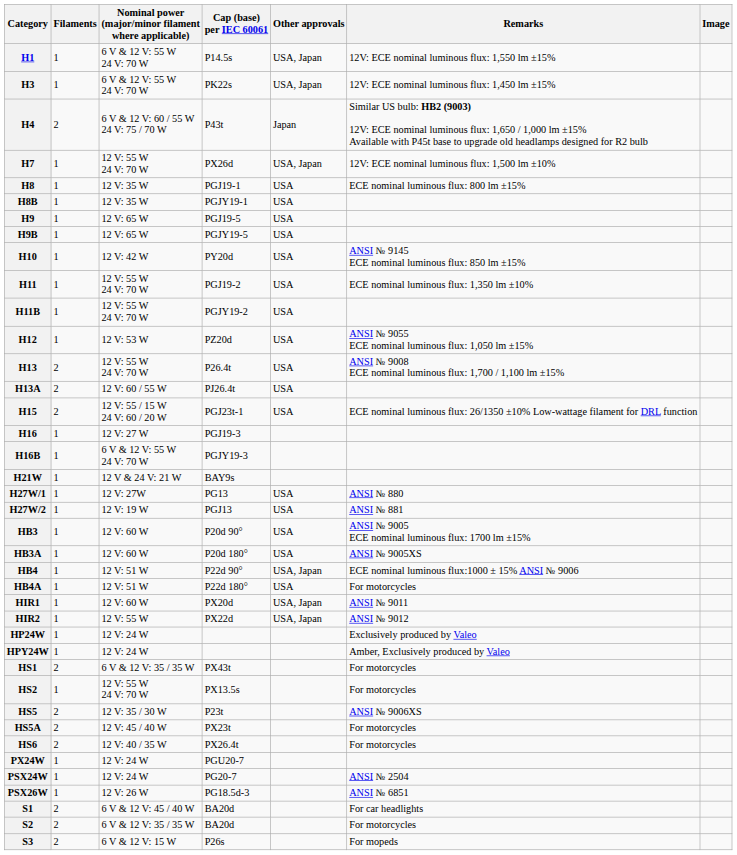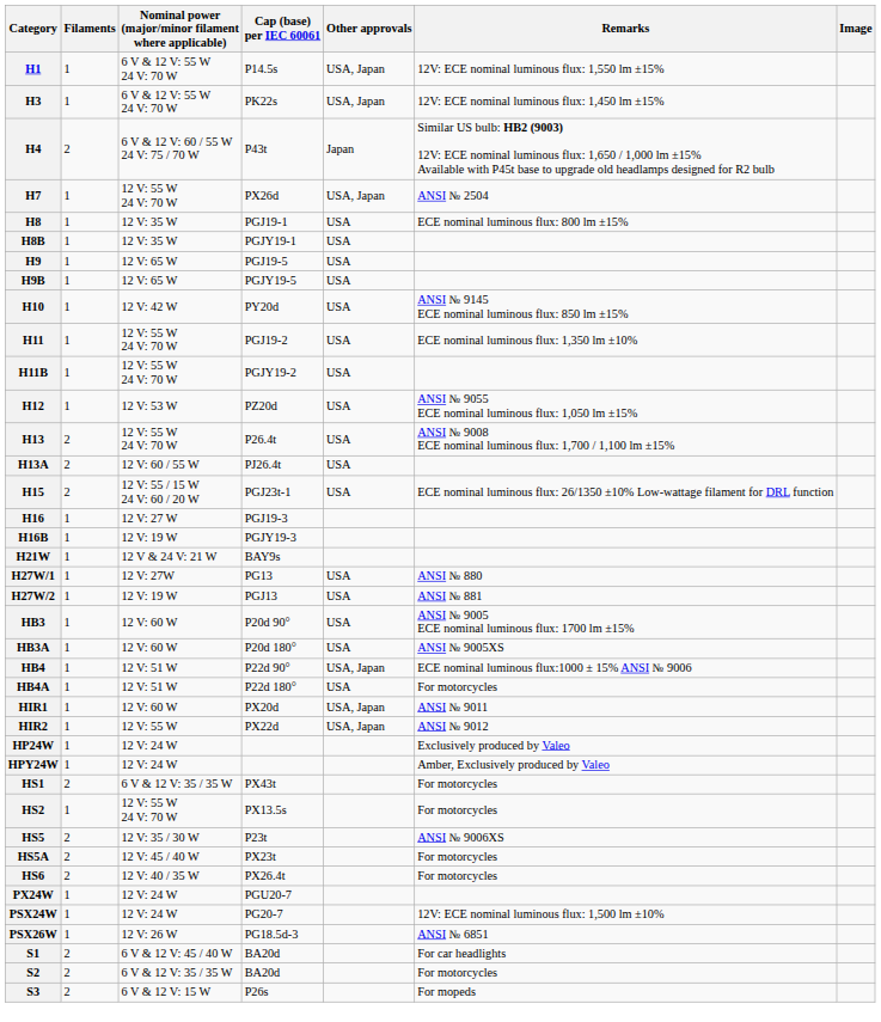 <table class="wikitable">
 <tr>
 <th>Category</th>
 <th>Filaments</th>
 <th>Nominal power<br>(major/minor filament<br>where applicable)</th>
 <th>Cap (base)<br>per <a href='#'>IEC 60061</a></th>
 <th>Other approvals</th>
 <th>Remarks</th>
 <th>Image</th>
 </tr>
 <tr>
 <th><a href='#'>H1</a></th>
 <td>1</td>
 <td>6 V & 12 V: 55 W<br>24 V: 70 W</td>
 <td>P14.5s</td>
 <td>USA, Japan</td>
 <td>12V: ECE nominal luminous flux: 1,550 lm ±15%</td>
 <td></td>
 </tr>
 <tr>
 <th>H3</th>
 <td>1</td>
 <td>6 V & 12 V: 55 W<br>24 V: 70 W</td>
 <td>PK22s</td>
 <td>USA, Japan</td>
 <td>12V: ECE nominal luminous flux: 1,450 lm ±15%</td>
 <td></td>
 </tr>
 <tr>
 <th>H4</th>
 <td>2</td>
 <td>6 V & 12 V: 60 / 55 W<br>24 V: 75 / 70 W</td>
 <td>P43t</td>
 <td>Japan</td>
 <td>Similar US bulb: <strong>HB2 (9003)</strong><br><br>12V: ECE nominal luminous flux: 1,650 / 1,000 lm ±15%<br> Available with P45t base to upgrade old headlamps designed for R2 bulb</td>
 <td></td>
 </tr>
 <tr>
 <th>H7</th>
 <td>1</td>
 <td>12 V: 55 W<br>24 V: 70 W</td>
 <td>PX26d</td>
 <td>USA, Japan</td>
-<td>12V: ECE nominal luminous flux: 1,500 lm ±10%</td>
+<td><a href='#'>ANSI</a> № 2504</td>
 <td></td>
 </tr>
 <tr>
 <th>H8</th>
 <td>1</td>
 <td>12 V: 35 W</td>
 <td>PGJ19-1</td>
 <td>USA</td>
 <td>ECE nominal luminous flux: 800 lm ±15%</td>
 <td></td>
 </tr>
 <tr>
 <th>H8B</th>
 <td>1</td>
 <td>12 V: 35 W</td>
 <td>PGJY19-1</td>
 <td>USA</td>
 <td></td>
 <td></td>
 </tr>
 <tr>
 <th>H9</th>
 <td>1</td>
 <td>12 V: 65 W</td>
 <td>PGJ19-5</td>
 <td>USA</td>
 <td></td>
 <td></td>
 </tr>
 <tr>
 <th>H9B</th>
 <td>1</td>
 <td>12 V: 65 W</td>
 <td>PGJY19-5</td>
 <td>USA</td>
 <td></td>
 <td></td>
 </tr>
 <tr>
 <th>H10</th>
 <td>1</td>
 <td>12 V: 42 W</td>
 <td>PY20d</td>
 <td>USA</td>
 <td><a href='#'>ANSI</a> №  9145<br>ECE nominal luminous flux: 850 lm ±15%</td>
 <td></td>
 </tr>
 <tr>
 <th>H11</th>
 <td>1</td>
 <td>12 V: 55 W<br>24 V: 70 W</td>
 <td>PGJ19-2</td>
 <td>USA</td>
 <td>ECE nominal luminous flux: 1,350 lm ±10%</td>
 <td></td>
 </tr>
 <tr>
 <th>H11B</th>
 <td>1</td>
 <td>12 V: 55 W<br>24 V: 70 W</td>
 <td>PGJY19-2</td>
 <td>USA</td>
 <td></td>
 <td></td>
 </tr>
 <tr>
 <th>H12</th>
 <td>1</td>
 <td>12 V: 53 W</td>
 <td>PZ20d</td>
 <td>USA</td>
 <td><a href='#'>ANSI</a> №  9055<br>ECE nominal luminous flux: 1,050 lm ±15%</td>
 <td></td>
 </tr>
 <tr>
 <th>H13</th>
 <td>2</td>
 <td>12 V: 55 W<br>24 V: 70 W</td>
 <td>P26.4t</td>
 <td>USA</td>
 <td><a href='#'>ANSI</a> №  9008<br>ECE nominal luminous flux: 1,700 / 1,100 lm ±15%</td>
 <td></td>
 </tr>
 <tr>
 <th>H13A</th>
 <td>2</td>
 <td>12 V: 60 / 55 W</td>
 <td>PJ26.4t</td>
 <td>USA</td>
 <td></td>
 <td></td>
 </tr>
 <tr>
 <th>H15</th>
 <td>2</td>
 <td>12 V: 55 / 15 W<br>24 V: 60 / 20 W</td>
 <td>PGJ23t-1</td>
 <td>USA</td>
 <td>ECE nominal luminous flux: 26/1350 ±10% Low-wattage filament for <a href='#'>DRL</a> function</td>
 <td></td>
 </tr>
 <tr>
 <th>H16</th>
 <td>1</td>
 <td>12 V: 27 W</td>
 <td>PGJ19-3</td>
 <td></td>
 <td></td>
 <td></td>
 </tr>
 <tr>
 <th>H16B</th>
 <td>1</td>
-<td>6 V & 12 V: 55 W<br>24 V: 70 W</td>
+<td>12 V: 19 W</td>
 <td>PGJY19-3</td>
 <td></td>
 <td></td>
 <td></td>
 </tr>
 <tr>
 <th>H21W</th>
 <td>1</td>
 <td>12 V & 24 V: 21 W</td>
 <td>BAY9s</td>
 <td></td>
 <td></td>
 <td></td>
 </tr>
 <tr>
 <th>H27W/1</th>
 <td>1</td>
 <td>12 V: 27W</td>
 <td>PG13</td>
 <td>USA</td>
 <td><a href='#'>ANSI</a> № 880</td>
 <td></td>
 </tr>
 <tr>
 <th>H27W/2</th>
 <td>1</td>
 <td>12 V: 19 W</td>
 <td>PGJ13</td>
 <td>USA</td>
 <td><a href='#'>ANSI</a> № 881</td>
 <td></td>
 </tr>
 <tr>
 <th>HB3</th>
 <td>1</td>
 <td>12 V: 60 W</td>
 <td>P20d 90°</td>
 <td>USA</td>
 <td><a href='#'>ANSI</a> № 9005<br>ECE nominal luminous flux: 1700 lm ±15%</td>
 <td></td>
 </tr>
 <tr>
 <th>HB3A</th>
 <td>1</td>
 <td>12 V: 60 W</td>
 <td>P20d 180°</td>
 <td>USA</td>
 <td><a href='#'>ANSI</a> № 9005XS</td>
 <td></td>
 </tr>
 <tr>
 <th>HB4</th>
 <td>1</td>
 <td>12 V: 51 W</td>
 <td>P22d 90°</td>
 <td>USA, Japan</td>
 <td>ECE nominal luminous flux:1000 ± 15% <a href='#'>ANSI</a> №  9006</td>
 <td></td>
 </tr>
 <tr>
 <th>HB4A</th>
 <td>1</td>
 <td>12 V: 51 W</td>
 <td>P22d 180°</td>
 <td>USA</td>
 <td>For motorcycles</td>
 <td></td>
 </tr>
 <tr>
 <th>HIR1</th>
 <td>1</td>
 <td>12 V: 60 W</td>
 <td>PX20d</td>
 <td>USA, Japan</td>
 <td><a href='#'>ANSI</a> №  9011</td>
 <td></td>
 </tr>
 <tr>
 <th>HIR2</th>
 <td>1</td>
 <td>12 V: 55 W</td>
 <td>PX22d</td>
 <td>USA, Japan</td>
 <td><a href='#'>ANSI</a> №  9012</td>
 <td></td>
 </tr>
 <tr>
 <th>HP24W</th>
 <td>1</td>
 <td>12 V: 24 W</td>
 <td></td>
 <td></td>
 <td>Exclusively produced by <a href='#'>Valeo</a></td>
 <td></td>
 </tr>
 <tr>
 <th>HPY24W</th>
 <td>1</td>
 <td>12 V: 24 W</td>
 <td></td>
 <td></td>
 <td>Amber, Exclusively produced by <a href='#'>Valeo</a></td>
 <td></td>
 </tr>
 <tr>
 <th>HS1</th>
 <td>2</td>
 <td>6 V & 12 V: 35 / 35 W</td>
 <td>PX43t</td>
 <td></td>
 <td>For motorcycles</td>
 <td></td>
 </tr>
 <tr>
 <th>HS2</th>
 <td>1</td>
 <td>12 V: 55 W<br>24 V: 70 W</td>
 <td>PX13.5s</td>
 <td></td>
 <td>For motorcycles</td>
 <td></td>
 </tr>
 <tr>
 <th>HS5</th>
 <td>2</td>
 <td>12 V: 35 / 30 W</td>
 <td>P23t</td>
 <td></td>
 <td><a href='#'>ANSI</a> №  9006XS</td>
 <td></td>
 </tr>
 <tr>
 <th>HS5A</th>
 <td>2</td>
 <td>12 V: 45 / 40 W</td>
 <td>PX23t</td>
 <td></td>
 <td>For motorcycles</td>
 <td></td>
 </tr>
 <tr>
 <th>HS6</th>
 <td>2</td>
 <td>12 V: 40 / 35 W</td>
 <td>PX26.4t</td>
 <td></td>
 <td>For motorcycles</td>
 <td></td>
 </tr>
 <tr>
 <th>PX24W</th>
 <td>1</td>
 <td>12 V: 24 W</td>
 <td>PGU20-7</td>
 <td></td>
 <td></td>
 <td></td>
 </tr>
 <tr>
 <th>PSX24W</th>
 <td>1</td>
 <td>12 V: 24 W</td>
 <td>PG20-7</td>
 <td></td>
-<td><a href='#'>ANSI</a> № 2504</td>
+<td>12V: ECE nominal luminous flux: 1,500 lm ±10%</td>
 <td></td>
 </tr>
 <tr>
 <th>PSX26W</th>
 <td>1</td>
 <td>12 V: 26 W</td>
 <td>PG18.5d-3</td>
 <td></td>
 <td><a href='#'>ANSI</a> № 6851</td>
 <td></td>
 </tr>
 <tr>
 <th>S1</th>
 <td>2</td>
 <td>6 V & 12 V: 45 / 40 W</td>
 <td>BA20d</td>
 <td></td>
 <td>For car headlights</td>
 <td></td>
 </tr>
 <tr>
 <th>S2</th>
 <td>2</td>
 <td>6 V & 12 V: 35 / 35 W</td>
 <td>BA20d</td>
 <td></td>
 <td>For motorcycles</td>
 <td></td>
 </tr>
 <tr>
 <th>S3</th>
 <td>2</td>
 <td>6 V & 12 V: 15 W</td>
 <td>P26s</td>
 <td></td>
 <td>For mopeds</td>
 <td></td>
 </tr>
 </table>
